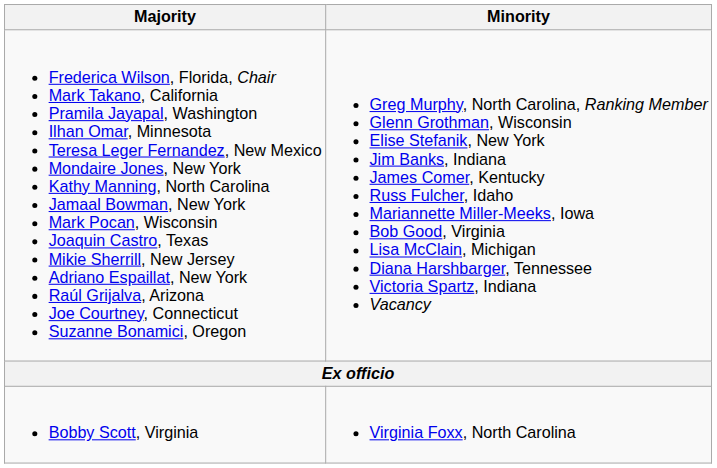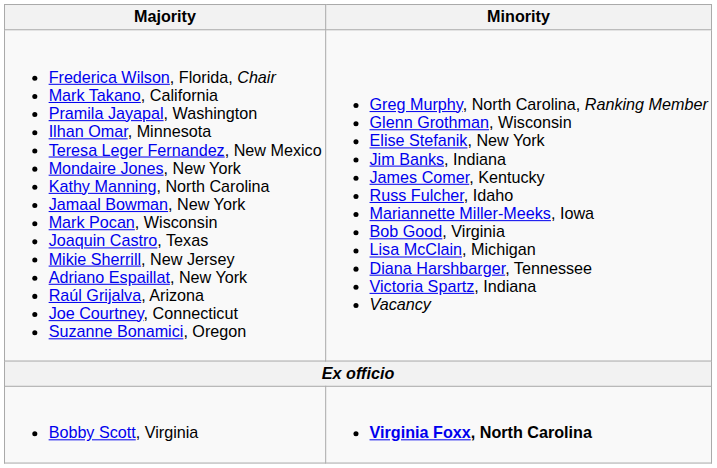 <table class=wikitable>
 <tr>
 <th>Majority</th>
 <th>Minority</th>
 </tr>
 <tr>
 <td><br><ul><li><a href='#'>Frederica Wilson</a>, Florida, <em>Chair</em></li><li><a href='#'>Mark Takano</a>, California</li><li><a href='#'>Pramila Jayapal</a>, Washington</li><li><a href='#'>Ilhan Omar</a>, Minnesota</li><li><a href='#'>Teresa Leger Fernandez</a>, New Mexico</li><li><a href='#'>Mondaire Jones</a>, New York</li><li><a href='#'>Kathy Manning</a>, North Carolina</li><li><a href='#'>Jamaal Bowman</a>, New York</li><li><a href='#'>Mark Pocan</a>, Wisconsin</li><li><a href='#'>Joaquin Castro</a>, Texas</li><li><a href='#'>Mikie Sherrill</a>, New Jersey</li><li><a href='#'>Adriano Espaillat</a>, New York</li><li><a href='#'>Raúl Grijalva</a>, Arizona</li><li><a href='#'>Joe Courtney</a>, Connecticut</li><li><a href='#'>Suzanne Bonamici</a>, Oregon</li></ul></td>
 <td><br><ul><li><a href='#'>Greg Murphy</a>, North Carolina, <em>Ranking Member</em></li><li><a href='#'>Glenn Grothman</a>, Wisconsin</li><li><a href='#'>Elise Stefanik</a>, New York</li><li><a href='#'>Jim Banks</a>, Indiana</li><li><a href='#'>James Comer</a>, Kentucky</li><li><a href='#'>Russ Fulcher</a>, Idaho</li><li><a href='#'>Mariannette Miller-Meeks</a>, Iowa</li><li><a href='#'>Bob Good</a>, Virginia</li><li><a href='#'>Lisa McClain</a>, Michigan</li><li><a href='#'>Diana Harshbarger</a>, Tennessee</li><li><a href='#'>Victoria Spartz</a>, Indiana</li><li><em>Vacancy</em></li></ul></td>
 </tr>
 <tr>
 <th colspan=2><em>Ex officio</em></th>
 </tr>
 <tr>
 <td><br><ul><li><a href='#'>Bobby Scott</a>, Virginia</li></ul></td>
-<td><br><ul><li><a href='#'>Virginia Foxx</a>, North Carolina</li></ul></td>
+<td><strong><br><ul><li><a href='#'>Virginia Foxx</a>, North Carolina</li></ul></strong></td>
 </tr>
 </table>
